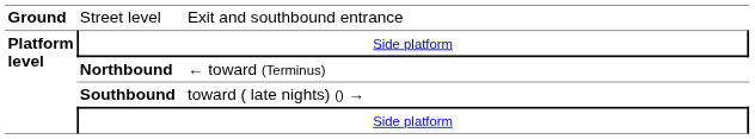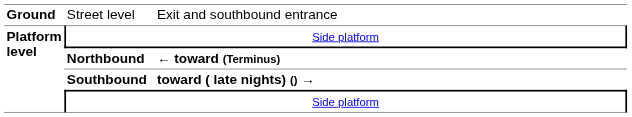 <table table border=0 cellspacing=0 cellpadding=3>
 <tr>
 <td style="border-top:solid 1px gray;" width=50><strong>Ground</strong></td>
 <td style="border-top:solid 1px gray;" width=100>Street level</td>
 <td style="border-top:solid 1px gray;" width=550>Exit and southbound entrance</td>
 </tr>
 <tr>
 <td style="border-top:solid 1px gray;border-bottom:solid 1px gray;" rowspan=4 valign=top><strong>Platform level</strong></td>
 <td style="border-top:solid 1px gray;border-right:solid 2px black;border-left:solid 2px black;border-bottom:solid 2px black;text-align:center;" colspan=2><small><a href='#'>Side platform</a></small></td>
 </tr>
 <tr>
 <td style="border-bottom:solid 1px gray;"><span><strong>Northbound</strong></span></td>
-<td style="border-bottom:solid 1px gray;">←  toward  <small>(Terminus)</small></td>
+<td style="border-bottom:solid 1px gray;"><strong>←  toward  <small>(Terminus)</small></strong></td>
 </tr>
 <tr>
 <td><span><strong>Southbound</strong></span></td>
-<td>  toward  ( late nights) <small>()</small> →</td>
+<td><strong>  toward  ( late nights) <small>()</small> →</strong></td>
 </tr>
 <tr>
 <td style="border-bottom:solid 1px gray;border-top:solid 2px black;border-right:solid 2px black;border-left:solid 2px black;text-align:center;" colspan=2><small><a href='#'>Side platform</a></small></td>
 </tr>
 </table>
